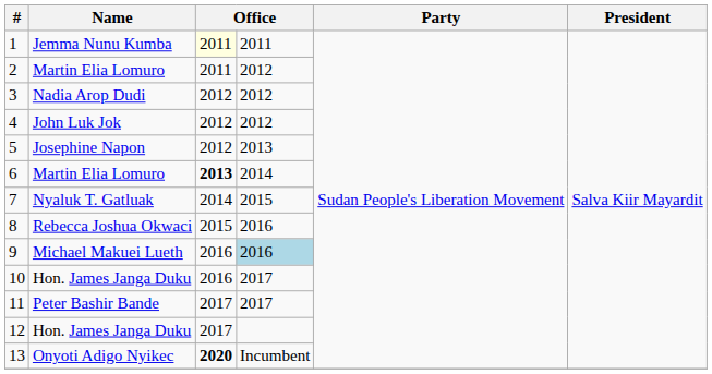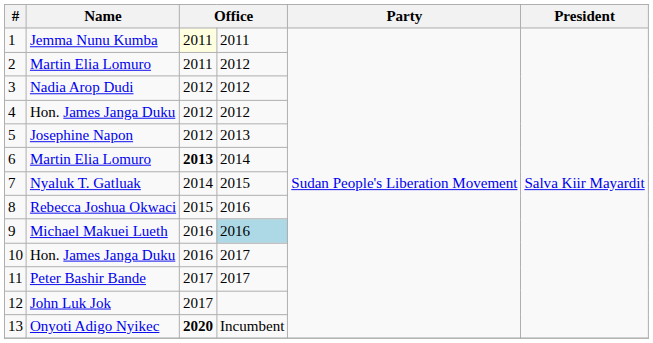 <table class="wikitable">
 <tr>
 <th>#</th>
 <th>Name</th>
 <th colspan="2">Office</th>
 <th>Party</th>
 <th>President</th>
 </tr>
 <tr>
 <td>1</td>
 <td><a href='#'>Jemma Nunu Kumba</a></td>
 <td style="background: lightyellow;">2011</td>
 <td>2011</td>
 <td rowspan="13"><a href='#'>Sudan People's Liberation Movement</a></td>
 <td rowspan="13"><a href='#'>Salva Kiir Mayardit</a></td>
 </tr>
 <tr>
 <td>2</td>
 <td><a href='#'>Martin Elia Lomuro</a></td>
 <td>2011</td>
 <td>2012</td>
 </tr>
 <tr>
 <td>3</td>
 <td><a href='#'>Nadia Arop Dudi</a></td>
 <td>2012</td>
 <td>2012</td>
 </tr>
 <tr>
 <td>4</td>
-<td><a href='#'>John Luk Jok</a></td>
+<td>Hon. <a href='#'>James Janga Duku</a></td>
 <td>2012</td>
 <td>2012</td>
 </tr>
 <tr>
 <td>5</td>
 <td><a href='#'>Josephine Napon</a></td>
 <td>2012</td>
 <td>2013</td>
 </tr>
 <tr>
 <td>6</td>
 <td><a href='#'>Martin Elia Lomuro</a></td>
 <td><strong>2013</strong></td>
 <td>2014</td>
 </tr>
 <tr>
 <td>7</td>
 <td><a href='#'>Nyaluk T. Gatluak</a></td>
 <td>2014</td>
 <td>2015</td>
 </tr>
 <tr>
 <td>8</td>
 <td><a href='#'>Rebecca Joshua Okwaci</a></td>
 <td>2015</td>
 <td>2016</td>
 </tr>
 <tr>
 <td>9</td>
 <td><a href='#'>Michael Makuei Lueth</a></td>
 <td>2016</td>
 <td style="background: lightblue;">2016</td>
 </tr>
 <tr>
 <td>10</td>
 <td>Hon. <a href='#'>James Janga Duku</a></td>
 <td>2016</td>
 <td>2017</td>
 </tr>
 <tr>
 <td>11</td>
 <td><a href='#'>Peter Bashir Bande</a></td>
 <td>2017</td>
 <td>2017</td>
 </tr>
 <tr>
 <td>12</td>
-<td>Hon. <a href='#'>James Janga Duku</a></td>
+<td><a href='#'>John Luk Jok</a></td>
 <td>2017</td>
 <td></td>
 </tr>
 <tr>
 <td>13</td>
 <td><a href='#'>Onyoti Adigo Nyikec</a></td>
 <td><strong>2020</strong></td>
 <td>Incumbent</td>
 </tr>
 <tr>
 </tr>
 </table>
